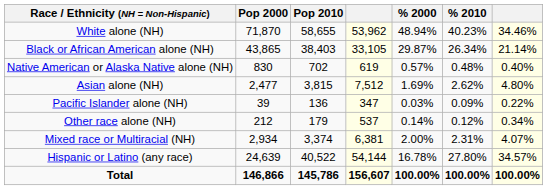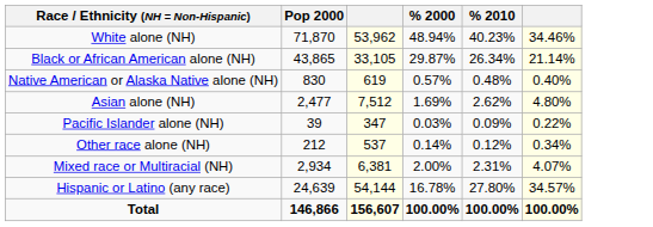 <table class="wikitable" style="text-align:center;">
 <tr>
 <th>Race / Ethnicity <small>(<em>NH = Non-Hispanic</em>)</small></th>
 <th>Pop 2000</th>
-<th>Pop 2010</th>
 <th></th>
 <th>% 2000</th>
 <th>% 2010</th>
 <th></th>
 </tr>
 <tr>
 <td><a href='#'>White</a> alone (NH)</td>
 <td>71,870</td>
-<td>58,655</td>
 <td style='background: #ffffe6;'>53,962</td>
 <td>48.94%</td>
 <td>40.23%</td>
 <td style='background: #ffffe6;'>34.46%</td>
 </tr>
 <tr>
 <td><a href='#'>Black or African American</a> alone (NH)</td>
 <td>43,865</td>
-<td>38,403</td>
 <td style='background: #ffffe6;'>33,105</td>
 <td>29.87%</td>
 <td>26.34%</td>
 <td style='background: #ffffe6;'>21.14%</td>
 </tr>
 <tr>
 <td><a href='#'>Native American</a> or <a href='#'>Alaska Native</a> alone (NH)</td>
 <td>830</td>
-<td>702</td>
 <td style='background: #ffffe6;'>619</td>
 <td>0.57%</td>
 <td>0.48%</td>
 <td style='background: #ffffe6;'>0.40%</td>
 </tr>
 <tr>
 <td><a href='#'>Asian</a> alone (NH)</td>
 <td>2,477</td>
-<td>3,815</td>
 <td style='background: #ffffe6;'>7,512</td>
 <td>1.69%</td>
 <td>2.62%</td>
 <td style='background: #ffffe6;'>4.80%</td>
 </tr>
 <tr>
 <td><a href='#'>Pacific Islander</a> alone (NH)</td>
 <td>39</td>
-<td>136</td>
 <td style='background: #ffffe6;'>347</td>
 <td>0.03%</td>
 <td>0.09%</td>
 <td style='background: #ffffe6;'>0.22%</td>
 </tr>
 <tr>
 <td><a href='#'>Other race</a> alone (NH)</td>
 <td>212</td>
-<td>179</td>
 <td style='background: #ffffe6;'>537</td>
 <td>0.14%</td>
 <td>0.12%</td>
 <td style='background: #ffffe6;'>0.34%</td>
 </tr>
 <tr>
 <td><a href='#'>Mixed race or Multiracial</a> (NH)</td>
 <td>2,934</td>
-<td>3,374</td>
 <td style='background: #ffffe6;'>6,381</td>
 <td>2.00%</td>
 <td>2.31%</td>
 <td style='background: #ffffe6;'>4.07%</td>
 </tr>
 <tr>
 <td><a href='#'>Hispanic or Latino</a> (any race)</td>
 <td>24,639</td>
-<td>40,522</td>
 <td style='background: #ffffe6;'>54,144</td>
 <td>16.78%</td>
 <td>27.80%</td>
 <td style='background: #ffffe6;'>34.57%</td>
 </tr>
 <tr>
 <td><strong>Total</strong></td>
 <td><strong>146,866</strong></td>
-<td><strong>145,786</strong></td>
 <td style='background: #ffffe6;'><strong>156,607</strong></td>
 <td><strong>100.00%</strong></td>
 <td><strong>100.00%</strong></td>
 <td style='background: #ffffe6;'><strong>100.00%</strong></td>
 </tr>
 </table>
